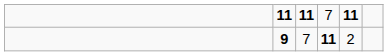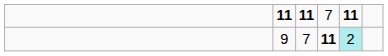 <table class="wikitable">
 <tr>
 <td style="width:18em"><strong></strong></td>
 <td align=center style="width:1em"><strong>11</strong></td>
 <td align=center style="width:1em"><strong>11</strong></td>
 <td align=center style="width:1em">7</td>
 <td align=center style="width:1em"><strong>11</strong></td>
 <td align=center style="width:1em"></td>
 </tr>
 <tr>
 <td style="width:18em"></td>
-<td align=center style="width:1em"><strong>9</strong></td>
+<td align=center style="width:1em">9</td>
 <td align=center style="width:1em">7</td>
 <td align=center style="width:1em"><strong>11</strong></td>
-<td align=center style="width:1em">2</td>
+<td align=center style="background: paleturquoise; width:1em">2</td>
 <td align=center style="width:1em"></td>
 </tr>
 </table>
